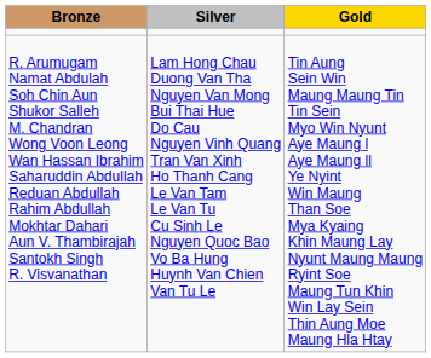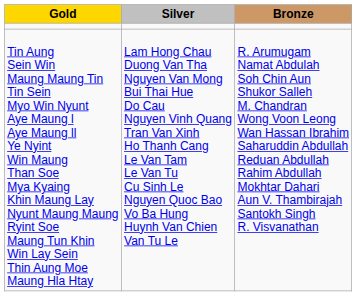 <table class="wikitable">
 <tr>
+<th style="background: gold">Gold</th>
+<th style="background: silver">Silver</th>
 <th style="background: #cc9966">Bronze</th>
-<th style="background: silver">Silver</th>
-<th style="background: gold">Gold</th>
 </tr>
 <tr>
 <td align="center"></td>
 <td align="center"></td>
 <td align="center"></td>
 </tr>
 <tr>
+<td valign="top"><br><a href='#'>Tin Aung</a> <br> <a href='#'>Sein Win</a> <br> <a href='#'>Maung Maung Tin</a> <br> <a href='#'>Tin Sein</a> <br> <a href='#'>Myo Win Nyunt</a> <br> <a href='#'>Aye Maung l</a> <br> <a href='#'>Aye Maung ll</a> <br> <a href='#'>Ye Nyint</a> <br> <a href='#'>Win Maung</a> <br> <a href='#'>Than Soe</a> <br> <a href='#'>Mya Kyaing</a> <br> <a href='#'>Khin Maung Lay</a> <br> <a href='#'>Nyunt Maung Maung</a> <br> <a href='#'>Ryint Soe</a> <br> <a href='#'>Maung Tun Khin</a> <br> <a href='#'>Win Lay Sein</a> <br> <a href='#'>Thin Aung Moe</a> <br> <a href='#'>Maung Hla Htay</a> <br></td>
+<td valign="top"><br><a href='#'>Lam Hong Chau</a> <br> <a href='#'>Duong Van Tha</a> <br> <a href='#'>Nguyen Van Mong</a> <br> <a href='#'>Bui Thai Hue</a> <br> <a href='#'>Do Cau</a> <br> <a href='#'>Nguyen Vinh Quang</a> <br> <a href='#'>Tran Van Xinh</a> <br> <a href='#'>Ho Thanh Cang</a> <br> <a href='#'>Le Van Tam</a> <br> <a href='#'>Le Van Tu</a> <br> <a href='#'>Cu Sinh Le</a> <br> <a href='#'>Nguyen Quoc Bao</a> <br> <a href='#'>Vo Ba Hung</a> <br> <a href='#'>Huynh Van Chien</a> <br> <a href='#'>Van Tu Le</a> <br></td>
 <td valign="top"><br><a href='#'>R. Arumugam</a> <br> <a href='#'>Namat Abdulah</a> <br> <a href='#'>Soh Chin Aun</a> <br> <a href='#'>Shukor Salleh</a> <br> <a href='#'>M. Chandran</a> <br> <a href='#'>Wong Voon Leong</a> <br> <a href='#'>Wan Hassan Ibrahim</a> <br> <a href='#'>Saharuddin Abdullah</a> <br> <a href='#'>Reduan Abdullah</a> <br> <a href='#'>Rahim Abdullah</a> <br> <a href='#'>Mokhtar Dahari</a> <br> <a href='#'>Aun V. Thambirajah</a> <br> <a href='#'>Santokh Singh</a> <br> <a href='#'>R. Visvanathan</a></td>
-<td valign="top"><br><a href='#'>Lam Hong Chau</a> <br> <a href='#'>Duong Van Tha</a> <br> <a href='#'>Nguyen Van Mong</a> <br> <a href='#'>Bui Thai Hue</a> <br> <a href='#'>Do Cau</a> <br> <a href='#'>Nguyen Vinh Quang</a> <br> <a href='#'>Tran Van Xinh</a> <br> <a href='#'>Ho Thanh Cang</a> <br> <a href='#'>Le Van Tam</a> <br> <a href='#'>Le Van Tu</a> <br> <a href='#'>Cu Sinh Le</a> <br> <a href='#'>Nguyen Quoc Bao</a> <br> <a href='#'>Vo Ba Hung</a> <br> <a href='#'>Huynh Van Chien</a> <br> <a href='#'>Van Tu Le</a> <br></td>
-<td valign="top"><br><a href='#'>Tin Aung</a> <br> <a href='#'>Sein Win</a> <br> <a href='#'>Maung Maung Tin</a> <br> <a href='#'>Tin Sein</a> <br> <a href='#'>Myo Win Nyunt</a> <br> <a href='#'>Aye Maung l</a> <br> <a href='#'>Aye Maung ll</a> <br> <a href='#'>Ye Nyint</a> <br> <a href='#'>Win Maung</a> <br> <a href='#'>Than Soe</a> <br> <a href='#'>Mya Kyaing</a> <br> <a href='#'>Khin Maung Lay</a> <br> <a href='#'>Nyunt Maung Maung</a> <br> <a href='#'>Ryint Soe</a> <br> <a href='#'>Maung Tun Khin</a> <br> <a href='#'>Win Lay Sein</a> <br> <a href='#'>Thin Aung Moe</a> <br> <a href='#'>Maung Hla Htay</a> <br></td>
 </tr>
 </table>
